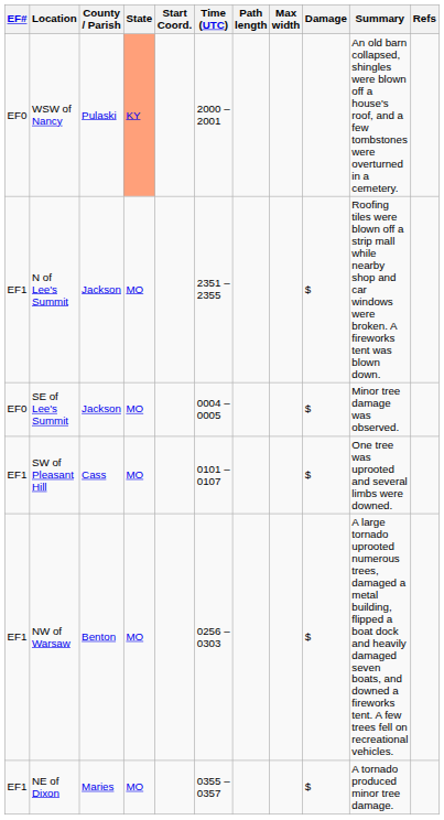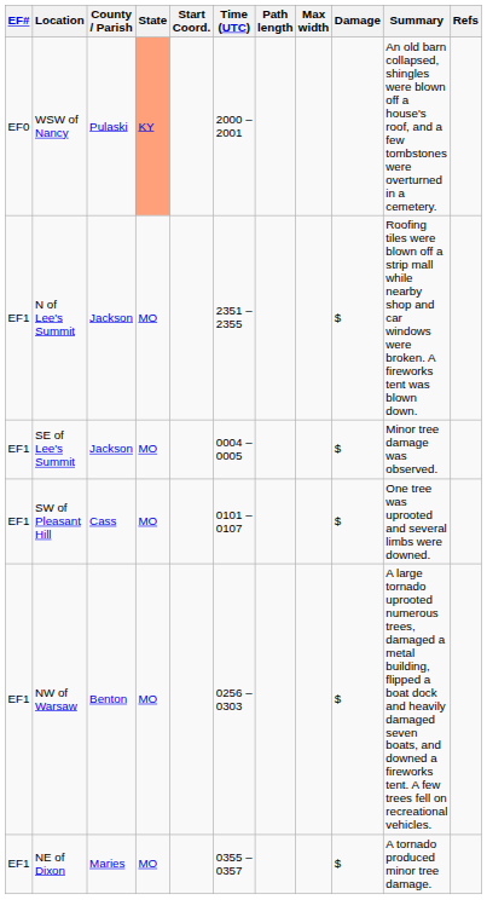 <table class="wikitable sortable" style="width:100%;">
 <tr>
 <th scope="col" width="3%" align="center"><a href='#'>EF#</a></th>
 <th scope="col" width="7%" align="center" class="unsortable">Location</th>
 <th scope="col" width="6%" align="center" class="unsortable">County / Parish</th>
 <th scope="col" width="5%" align="center">State</th>
 <th scope="col" width="6%" align="center">Start Coord.</th>
 <th scope="col" width="6%" align="center">Time (<a href='#'>UTC</a>)</th>
 <th scope="col" width="6%" align="center">Path length</th>
 <th scope="col" width="6%" align="center">Max width</th>
 <th scope="col" width="6%" align="center">Damage</th>
 <th scope="col" width="48%" class="unsortable" align="center">Summary</th>
 <th scope="col" width="48%" class="unsortable" align="center">Refs</th>
 </tr>
 <tr>
 <td>EF0</td>
 <td>WSW of <a href='#'>Nancy</a></td>
 <td><a href='#'>Pulaski</a></td>
 <td style="background: lightsalmon;"><a href='#'>KY</a></td>
 <td></td>
 <td>2000 – 2001</td>
 <td></td>
 <td></td>
 <td></td>
 <td>An old barn collapsed, shingles were blown off a house's roof, and a few tombstones were overturned in a cemetery.</td>
 <td></td>
 </tr>
 <tr>
 <td>EF1</td>
 <td>N of <a href='#'>Lee's Summit</a></td>
 <td><a href='#'>Jackson</a></td>
 <td><a href='#'>MO</a></td>
 <td></td>
 <td>2351 – 2355</td>
 <td></td>
 <td></td>
 <td>$</td>
 <td>Roofing tiles were blown off a strip mall while nearby shop and car windows were broken. A fireworks tent was blown down.</td>
 <td></td>
 </tr>
 <tr>
-<td>EF0</td>
+<td>EF1</td>
 <td>SE of <a href='#'>Lee's Summit</a></td>
 <td><a href='#'>Jackson</a></td>
 <td><a href='#'>MO</a></td>
 <td></td>
 <td>0004 – 0005</td>
 <td></td>
 <td></td>
 <td>$</td>
 <td>Minor tree damage was observed.</td>
 <td></td>
 </tr>
 <tr>
 <td>EF1</td>
 <td>SW of <a href='#'>Pleasant Hill</a></td>
 <td><a href='#'>Cass</a></td>
 <td><a href='#'>MO</a></td>
 <td></td>
 <td>0101 – 0107</td>
 <td></td>
 <td></td>
 <td>$</td>
 <td>One tree was uprooted and several limbs were downed.</td>
 <td></td>
 </tr>
 <tr>
 <td>EF1</td>
 <td>NW of <a href='#'>Warsaw</a></td>
 <td><a href='#'>Benton</a></td>
 <td><a href='#'>MO</a></td>
 <td></td>
 <td>0256 – 0303</td>
 <td></td>
 <td></td>
 <td>$</td>
 <td>A large tornado uprooted numerous trees, damaged a metal building, flipped a boat dock and heavily damaged seven boats, and downed a fireworks tent. A few trees fell on recreational vehicles.</td>
 <td></td>
 </tr>
 <tr>
 <td>EF1</td>
 <td>NE of <a href='#'>Dixon</a></td>
 <td><a href='#'>Maries</a></td>
 <td><a href='#'>MO</a></td>
 <td></td>
 <td>0355 – 0357</td>
 <td></td>
 <td></td>
 <td>$</td>
 <td>A tornado produced minor tree damage.</td>
 <td></td>
 </tr>
 </table>
